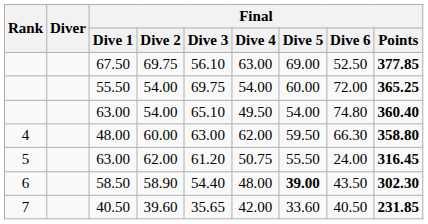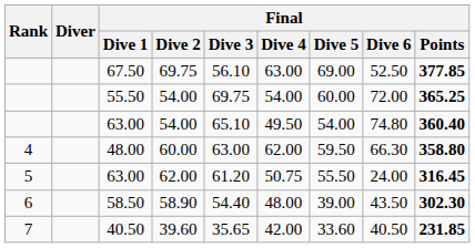 <table class="wikitable sortable"  style="text-align:center">
 <tr>
 <th rowspan="2" data-sort-type=number>Rank</th>
 <th rowspan="2">Diver</th>
 <th colspan="7">Final</th>
 </tr>
 <tr>
 <th>Dive 1</th>
 <th>Dive 2</th>
 <th>Dive 3</th>
 <th>Dive 4</th>
 <th>Dive 5</th>
 <th>Dive 6</th>
 <th>Points</th>
 </tr>
 <tr>
 <td></td>
 <td align="left"></td>
 <td>67.50</td>
 <td>69.75</td>
 <td>56.10</td>
 <td>63.00</td>
 <td>69.00</td>
 <td>52.50</td>
 <td><strong>377.85</strong></td>
 </tr>
 <tr>
 <td></td>
 <td align="left"></td>
 <td>55.50</td>
 <td>54.00</td>
 <td>69.75</td>
 <td>54.00</td>
 <td>60.00</td>
 <td>72.00</td>
 <td><strong>365.25</strong></td>
 </tr>
 <tr>
 <td></td>
 <td align="left"></td>
 <td>63.00</td>
 <td>54.00</td>
 <td>65.10</td>
 <td>49.50</td>
 <td>54.00</td>
 <td>74.80</td>
 <td><strong>360.40</strong></td>
 </tr>
 <tr>
 <td>4</td>
 <td align="left"></td>
 <td>48.00</td>
 <td>60.00</td>
 <td>63.00</td>
 <td>62.00</td>
 <td>59.50</td>
 <td>66.30</td>
 <td><strong>358.80</strong></td>
 </tr>
 <tr>
 <td>5</td>
 <td align="left"></td>
 <td>63.00</td>
 <td>62.00</td>
 <td>61.20</td>
 <td>50.75</td>
 <td>55.50</td>
 <td>24.00</td>
 <td><strong>316.45</strong></td>
 </tr>
 <tr>
 <td>6</td>
 <td align="left"></td>
 <td>58.50</td>
 <td>58.90</td>
 <td>54.40</td>
 <td>48.00</td>
-<td><strong>39.00</strong></td>
+<td>39.00</td>
 <td>43.50</td>
 <td><strong>302.30</strong></td>
 </tr>
 <tr>
 <td>7</td>
 <td align="left"></td>
 <td>40.50</td>
 <td>39.60</td>
 <td>35.65</td>
 <td>42.00</td>
 <td>33.60</td>
 <td>40.50</td>
 <td><strong>231.85</strong></td>
 </tr>
 </table>
